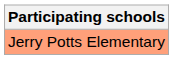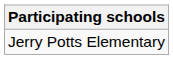 <table class="wikitable" align=right>
 <tr>
 <th>Participating schools</th>
 </tr>
 <tr>
-<td style="background: lightsalmon;">Jerry Potts Elementary</td>
+<td>Jerry Potts Elementary</td>
 </tr>
 </table>
